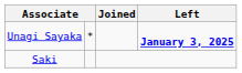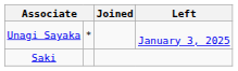 <table class="wikitable sortable" style="text-align:center;">
 <tr>
 <th colspan="2">Associate</th>
 <th>Joined</th>
 <th>Left</th>
 </tr>
 <tr>
 <td><a href='#'>Unagi Sayaka</a></td>
 <td>*</td>
 <td></td>
-<td><strong><br><a href='#'>January 3, 2025</a></strong></td>
+<td><br><a href='#'>January 3, 2025</a></td>
 </tr>
 <tr>
 <td><a href='#'>Saki</a></td>
 <td></td>
 <td colspan=2></td>
 </tr>
 </table>
